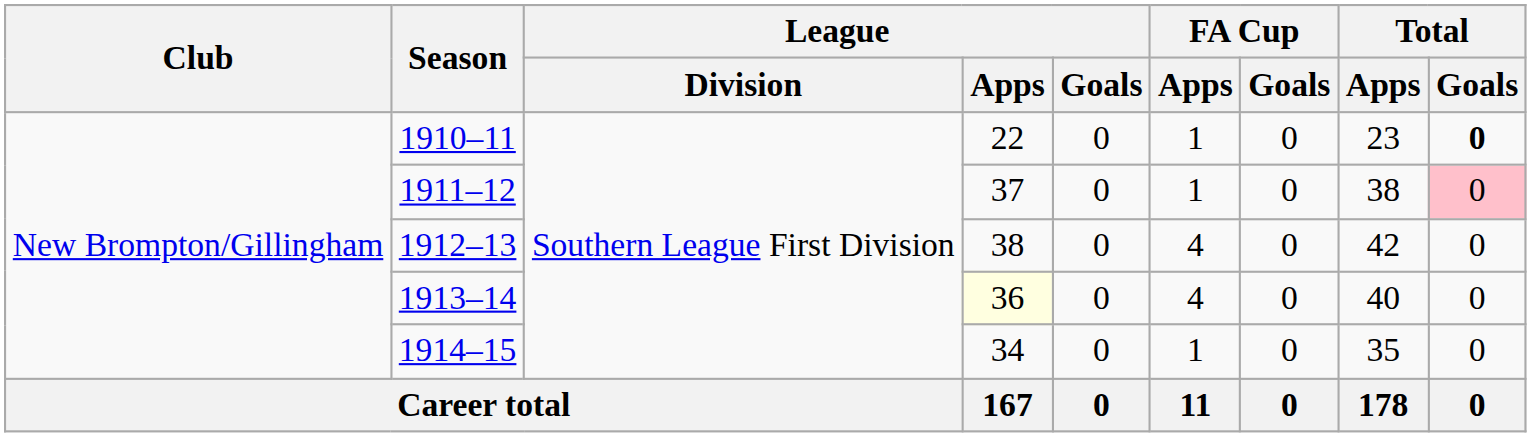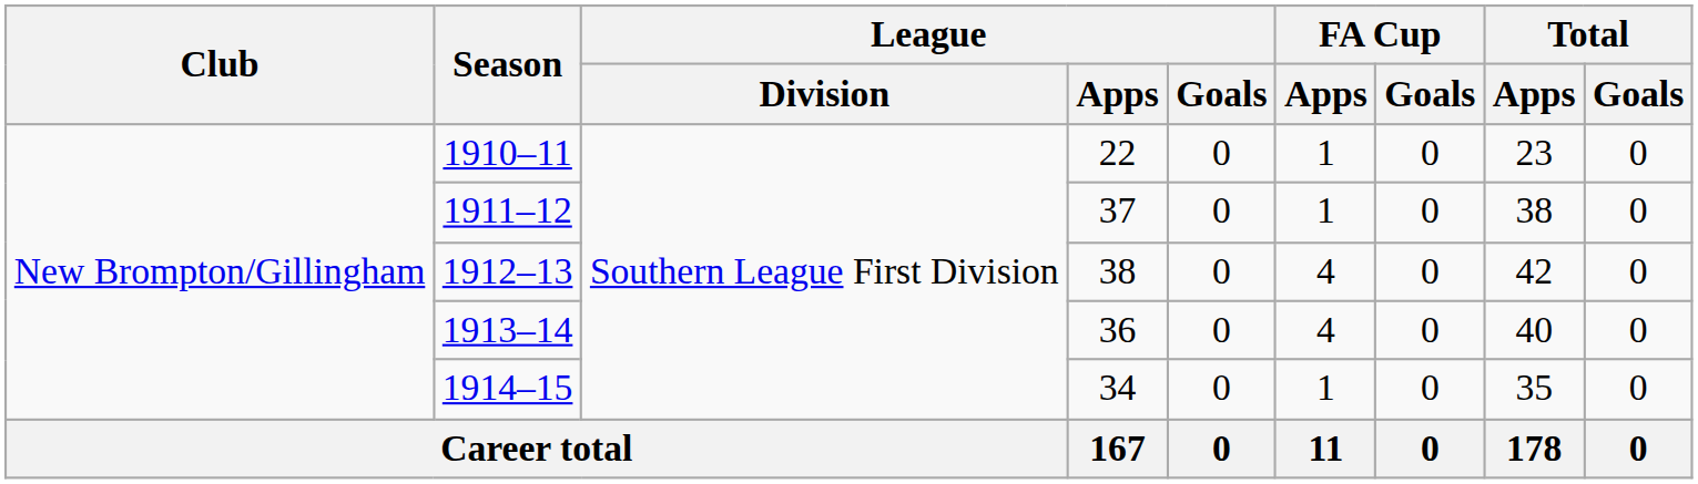 <table class="wikitable" style="text-align: center;">
 <tr>
 <th rowspan="2">Club</th>
 <th rowspan="2">Season</th>
 <th colspan="3">League</th>
 <th colspan="2">FA Cup</th>
 <th colspan="2">Total</th>
 </tr>
 <tr>
 <th>Division</th>
 <th>Apps</th>
 <th>Goals</th>
 <th>Apps</th>
 <th>Goals</th>
 <th>Apps</th>
 <th>Goals</th>
 </tr>
 <tr>
 <td rowspan="5"><a href='#'>New Brompton/Gillingham</a></td>
 <td><a href='#'>1910–11</a></td>
 <td rowspan="5"><a href='#'>Southern League</a> First Division</td>
 <td>22</td>
 <td>0</td>
 <td>1</td>
 <td>0</td>
 <td>23</td>
-<td><strong>0</strong></td>
+<td>0</td>
 </tr>
 <tr>
 <td><a href='#'>1911–12</a></td>
 <td>37</td>
 <td>0</td>
 <td>1</td>
 <td>0</td>
 <td>38</td>
-<td style="background: pink;">0</td>
+<td>0</td>
 </tr>
 <tr>
 <td><a href='#'>1912–13</a></td>
 <td>38</td>
 <td>0</td>
 <td>4</td>
 <td>0</td>
 <td>42</td>
 <td>0</td>
 </tr>
 <tr>
 <td><a href='#'>1913–14</a></td>
-<td style="background: lightyellow;">36</td>
+<td>36</td>
 <td>0</td>
 <td>4</td>
 <td>0</td>
 <td>40</td>
 <td>0</td>
 </tr>
 <tr>
 <td><a href='#'>1914–15</a></td>
 <td>34</td>
 <td>0</td>
 <td>1</td>
 <td>0</td>
 <td>35</td>
 <td>0</td>
 </tr>
 <tr>
 <th colspan="3">Career total</th>
 <th>167</th>
 <th>0</th>
 <th>11</th>
 <th>0</th>
 <th>178</th>
 <th>0</th>
 </tr>
 </table>
